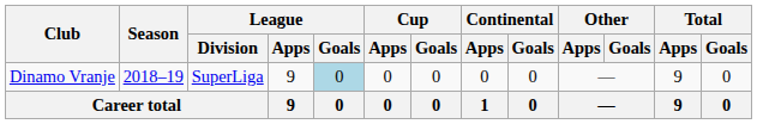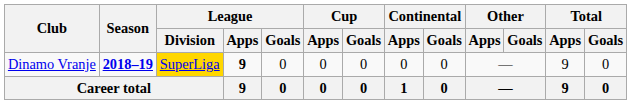 <table class="wikitable" style="text-align: center;font-size:90%">
 <tr>
 <th rowspan="2">Club</th>
 <th rowspan="2">Season</th>
 <th colspan="3">League</th>
 <th colspan="2">Cup</th>
 <th colspan="2">Continental</th>
 <th colspan="2">Other</th>
 <th colspan="2">Total</th>
 </tr>
 <tr>
 <th>Division</th>
 <th>Apps</th>
 <th>Goals</th>
 <th>Apps</th>
 <th>Goals</th>
 <th>Apps</th>
 <th>Goals</th>
 <th>Apps</th>
 <th>Goals</th>
 <th>Apps</th>
 <th>Goals</th>
 </tr>
 <tr>
 <td valign="center"><a href='#'>Dinamo Vranje</a></td>
-<td><a href='#'>2018–19</a></td>
-<td><a href='#'>SuperLiga</a></td>
-<td>9</td>
-<td style="background: lightblue;">0</td>
+<td><strong><a href='#'>2018–19</a></strong></td>
+<td style="background: gold;"><a href='#'>SuperLiga</a></td>
+<td><strong>9</strong></td>
+<td>0</td>
 <td>0</td>
 <td>0</td>
 <td>0</td>
 <td>0</td>
 <td colspan="2">—</td>
 <td>9</td>
 <td>0</td>
 </tr>
 <tr>
 <th colspan="3">Career total</th>
 <th>9</th>
 <th>0</th>
 <th>0</th>
 <th>0</th>
 <th>1</th>
 <th>0</th>
 <th colspan="2">—</th>
 <th>9</th>
 <th>0</th>
 </tr>
 </table>
